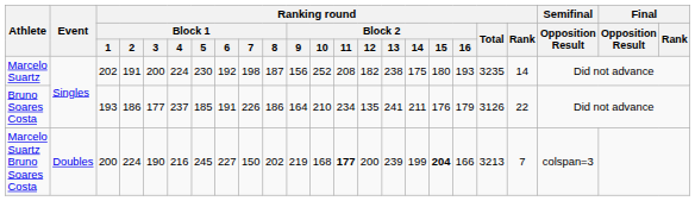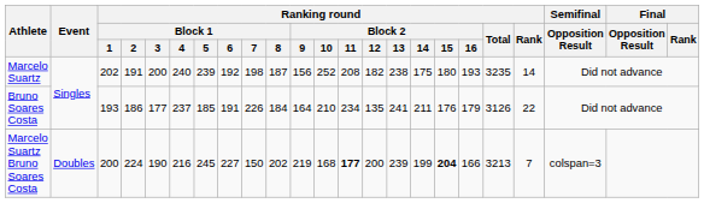 <table class=wikitable style=font-size:90%;text-align:center>
 <tr>
 <th rowspan=3>Athlete</th>
 <th rowspan=3>Event</th>
 <th colspan=18>Ranking round</th>
 <th>Semifinal</th>
 <th colspan=2>Final</th>
 </tr>
 <tr style=font-size:95%>
 <th colspan=8>Block 1</th>
 <th colspan=8>Block 2</th>
 <th rowspan=2>Total</th>
 <th rowspan=2>Rank</th>
 <th rowspan=2>Opposition<br>Result</th>
 <th rowspan=2>Opposition<br>Result</th>
 <th rowspan=2>Rank</th>
 </tr>
 <tr style=font-size:95%>
 <th>1</th>
 <th>2</th>
 <th>3</th>
 <th>4</th>
 <th>5</th>
 <th>6</th>
 <th>7</th>
 <th>8</th>
 <th>9</th>
 <th>10</th>
 <th>11</th>
 <th>12</th>
 <th>13</th>
 <th>14</th>
 <th>15</th>
 <th>16</th>
 </tr>
 <tr>
 <td align=left><a href='#'>Marcelo Suartz</a></td>
 <td align=left rowspan=2><a href='#'>Singles</a></td>
 <td>202</td>
 <td>191</td>
 <td>200</td>
-<td>224</td>
-<td>230</td>
+<td>240</td>
+<td>239</td>
 <td>192</td>
 <td>198</td>
 <td>187</td>
 <td>156</td>
 <td>252</td>
 <td>208</td>
 <td>182</td>
 <td>238</td>
 <td>175</td>
 <td>180</td>
 <td>193</td>
 <td>3235</td>
 <td>14</td>
 <td colspan=3>Did not advance</td>
 </tr>
 <tr>
 <td align=left><a href='#'>Bruno Soares Costa</a></td>
 <td>193</td>
 <td>186</td>
 <td>177</td>
 <td>237</td>
 <td>185</td>
 <td>191</td>
 <td>226</td>
-<td>186</td>
+<td>184</td>
 <td>164</td>
 <td>210</td>
 <td>234</td>
 <td>135</td>
 <td>241</td>
 <td>211</td>
 <td>176</td>
 <td>179</td>
 <td>3126</td>
 <td>22</td>
 <td colspan=3>Did not advance</td>
 </tr>
 <tr>
 <td align=left><a href='#'>Marcelo Suartz</a><br><a href='#'>Bruno Soares Costa</a></td>
 <td align=left><a href='#'>Doubles</a></td>
 <td>200</td>
 <td>224</td>
 <td>190</td>
 <td>216</td>
 <td>245</td>
 <td>227</td>
 <td>150</td>
 <td>202</td>
 <td>219</td>
 <td>168</td>
 <td><strong>177</strong></td>
 <td>200</td>
 <td>239</td>
 <td>199</td>
 <td><strong>204</strong></td>
 <td>166</td>
 <td>3213</td>
 <td>7</td>
 <td>colspan=3 </td>
 </tr>
 </table>
